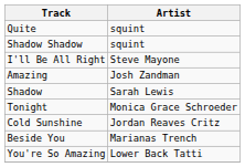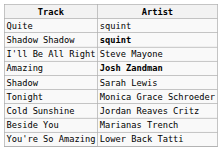 <table class="wikitable">
 <tr>
 <th>Track</th>
 <th>Artist</th>
 </tr>
 <tr>
 <td>Quite</td>
 <td>squint</td>
 </tr>
 <tr>
 <td>Shadow Shadow</td>
-<td>squint</td>
+<td><strong>squint</strong></td>
 </tr>
 <tr>
 <td>I'll Be All Right</td>
 <td>Steve Mayone</td>
 </tr>
 <tr>
 <td>Amazing</td>
-<td>Josh Zandman</td>
+<td><strong>Josh Zandman</strong></td>
 </tr>
 <tr>
 <td>Shadow</td>
 <td>Sarah Lewis</td>
 </tr>
 <tr>
 <td>Tonight</td>
 <td>Monica Grace Schroeder</td>
 </tr>
 <tr>
 <td>Cold Sunshine</td>
 <td>Jordan Reaves Critz</td>
 </tr>
 <tr>
 <td>Beside You</td>
 <td>Marianas Trench</td>
 </tr>
 <tr>
 <td>You're So Amazing</td>
 <td>Lower Back Tatti</td>
 </tr>
 <tr>
 </tr>
 </table>
